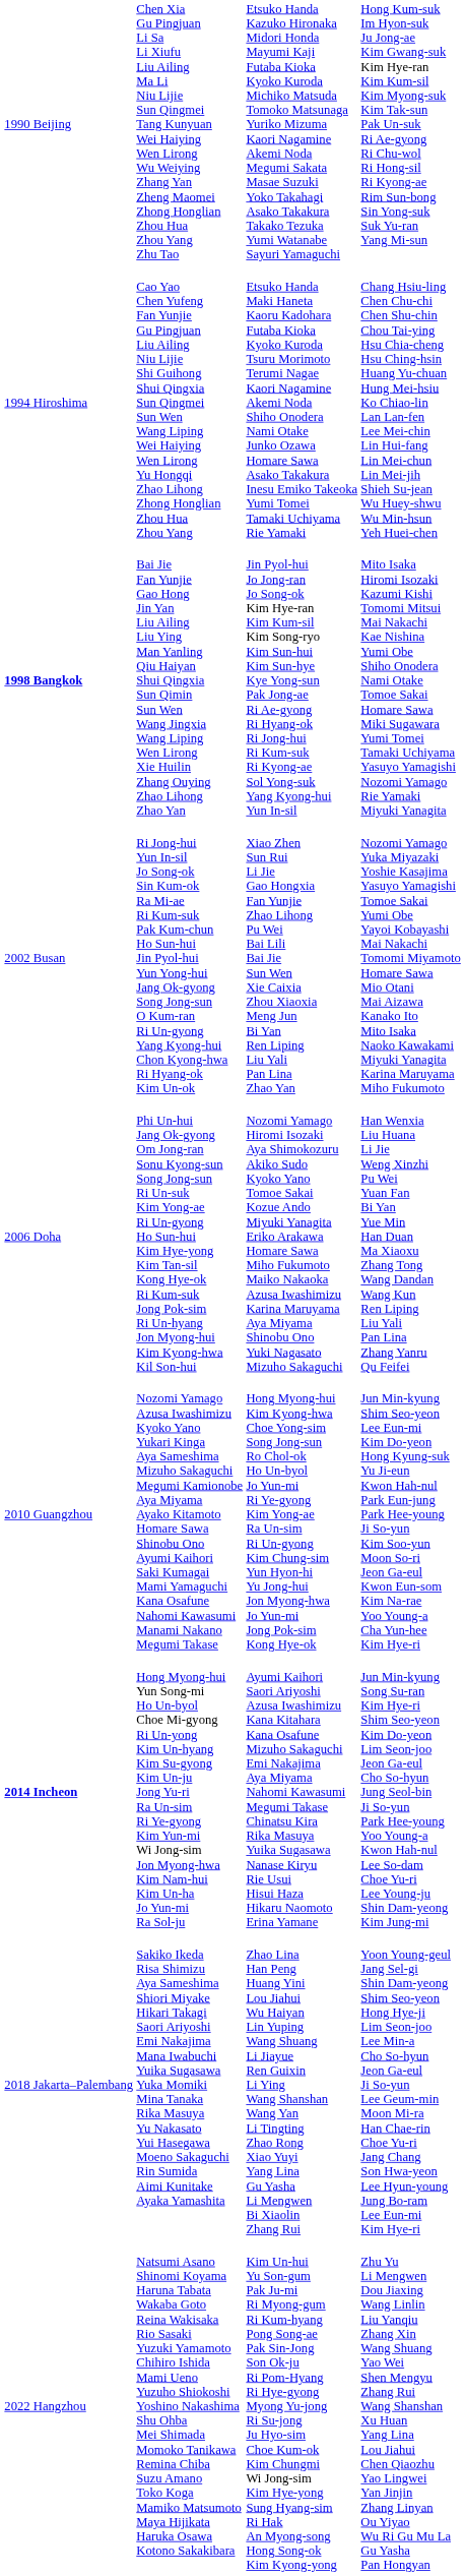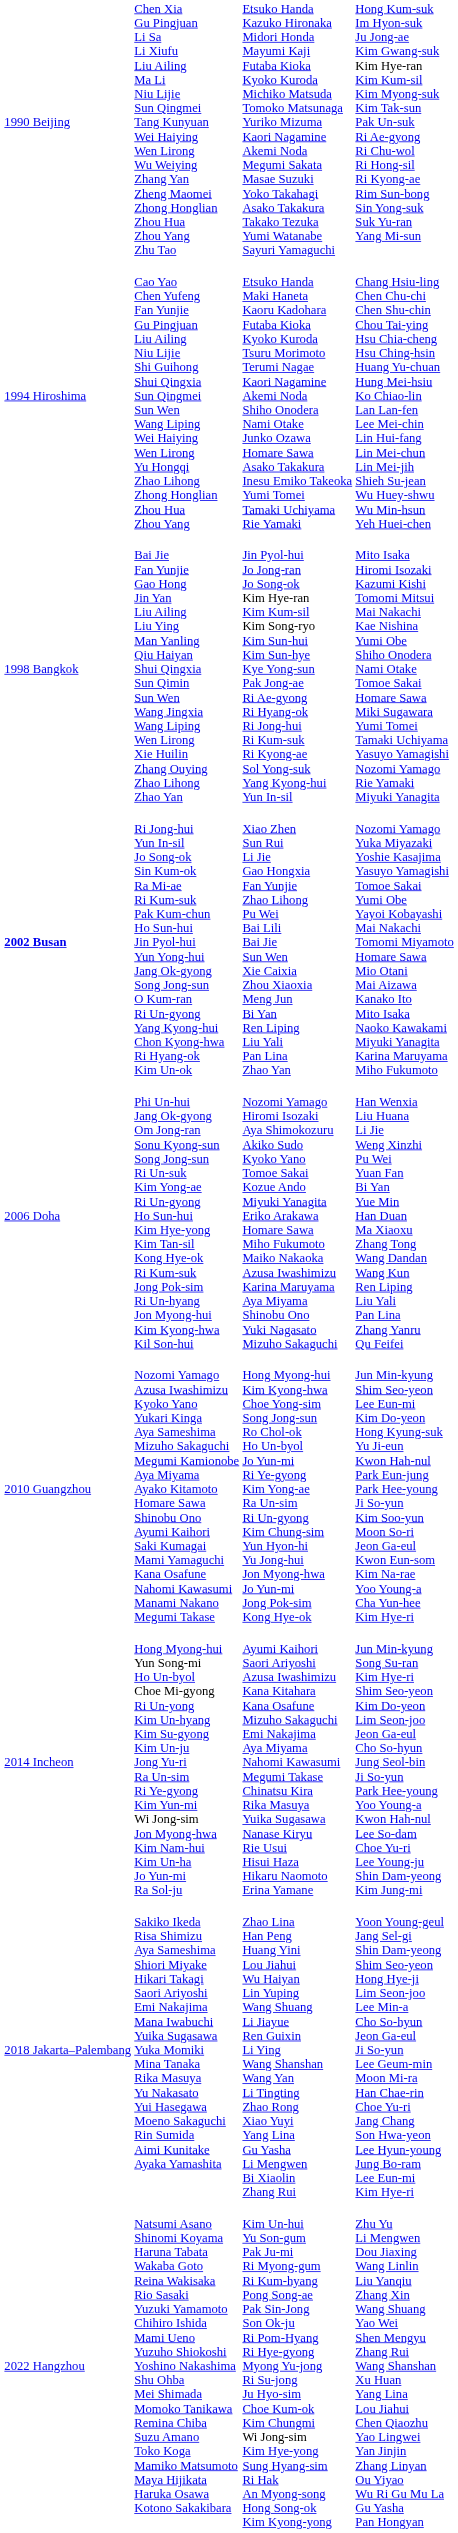 <table>
 <tr>
 <td><a href='#'>1990 Beijing</a></td>
 <td><br><a href='#'>Chen Xia</a><br><a href='#'>Gu Pingjuan</a><br><a href='#'>Li Sa</a><br><a href='#'>Li Xiufu</a><br><a href='#'>Liu Ailing</a><br><a href='#'>Ma Li</a><br><a href='#'>Niu Lijie</a><br><a href='#'>Sun Qingmei</a><br><a href='#'>Tang Kunyuan</a><br><a href='#'>Wei Haiying</a><br><a href='#'>Wen Lirong</a><br><a href='#'>Wu Weiying</a><br><a href='#'>Zhang Yan</a><br><a href='#'>Zheng Maomei</a><br><a href='#'>Zhong Honglian</a><br><a href='#'>Zhou Hua</a><br><a href='#'>Zhou Yang</a><br><a href='#'>Zhu Tao</a></td>
 <td><br><a href='#'>Etsuko Handa</a><br><a href='#'>Kazuko Hironaka</a><br><a href='#'>Midori Honda</a><br><a href='#'>Mayumi Kaji</a><br><a href='#'>Futaba Kioka</a><br><a href='#'>Kyoko Kuroda</a><br><a href='#'>Michiko Matsuda</a><br><a href='#'>Tomoko Matsunaga</a><br><a href='#'>Yuriko Mizuma</a><br><a href='#'>Kaori Nagamine</a><br><a href='#'>Akemi Noda</a><br><a href='#'>Megumi Sakata</a><br><a href='#'>Masae Suzuki</a><br><a href='#'>Yoko Takahagi</a><br><a href='#'>Asako Takakura</a><br><a href='#'>Takako Tezuka</a><br><a href='#'>Yumi Watanabe</a><br><a href='#'>Sayuri Yamaguchi</a></td>
 <td valign=top><br><a href='#'>Hong Kum-suk</a><br><a href='#'>Im Hyon-suk</a><br><a href='#'>Ju Jong-ae</a><br><a href='#'>Kim Gwang-suk</a><br>Kim Hye-ran<br><a href='#'>Kim Kum-sil</a><br><a href='#'>Kim Myong-suk</a><br><a href='#'>Kim Tak-sun</a><br><a href='#'>Pak Un-suk</a><br><a href='#'>Ri Ae-gyong</a><br><a href='#'>Ri Chu-wol</a><br><a href='#'>Ri Hong-sil</a><br><a href='#'>Ri Kyong-ae</a><br><a href='#'>Rim Sun-bong</a><br><a href='#'>Sin Yong-suk</a><br><a href='#'>Suk Yu-ran</a><br><a href='#'>Yang Mi-sun</a></td>
 </tr>
 <tr>
 <td><a href='#'>1994 Hiroshima</a></td>
 <td><br><a href='#'>Cao Yao</a><br><a href='#'>Chen Yufeng</a><br><a href='#'>Fan Yunjie</a><br><a href='#'>Gu Pingjuan</a><br><a href='#'>Liu Ailing</a><br><a href='#'>Niu Lijie</a><br><a href='#'>Shi Guihong</a><br><a href='#'>Shui Qingxia</a><br><a href='#'>Sun Qingmei</a><br><a href='#'>Sun Wen</a><br><a href='#'>Wang Liping</a><br><a href='#'>Wei Haiying</a><br><a href='#'>Wen Lirong</a><br><a href='#'>Yu Hongqi</a><br><a href='#'>Zhao Lihong</a><br><a href='#'>Zhong Honglian</a><br><a href='#'>Zhou Hua</a><br><a href='#'>Zhou Yang</a></td>
 <td><br><a href='#'>Etsuko Handa</a><br><a href='#'>Maki Haneta</a><br><a href='#'>Kaoru Kadohara</a><br><a href='#'>Futaba Kioka</a><br><a href='#'>Kyoko Kuroda</a><br><a href='#'>Tsuru Morimoto</a><br><a href='#'>Terumi Nagae</a><br><a href='#'>Kaori Nagamine</a><br><a href='#'>Akemi Noda</a><br><a href='#'>Shiho Onodera</a><br><a href='#'>Nami Otake</a><br><a href='#'>Junko Ozawa</a><br><a href='#'>Homare Sawa</a><br><a href='#'>Asako Takakura</a><br><a href='#'>Inesu Emiko Takeoka</a><br><a href='#'>Yumi Tomei</a><br><a href='#'>Tamaki Uchiyama</a><br><a href='#'>Rie Yamaki</a></td>
 <td><br><a href='#'>Chang Hsiu-ling</a><br><a href='#'>Chen Chu-chi</a><br><a href='#'>Chen Shu-chin</a><br><a href='#'>Chou Tai-ying</a><br><a href='#'>Hsu Chia-cheng</a><br><a href='#'>Hsu Ching-hsin</a><br><a href='#'>Huang Yu-chuan</a><br><a href='#'>Hung Mei-hsiu</a><br><a href='#'>Ko Chiao-lin</a><br><a href='#'>Lan Lan-fen</a><br><a href='#'>Lee Mei-chin</a><br><a href='#'>Lin Hui-fang</a><br><a href='#'>Lin Mei-chun</a><br><a href='#'>Lin Mei-jih</a><br><a href='#'>Shieh Su-jean</a><br><a href='#'>Wu Huey-shwu</a><br><a href='#'>Wu Min-hsun</a><br><a href='#'>Yeh Huei-chen</a></td>
 </tr>
 <tr>
-<td><strong><a href='#'>1998 Bangkok</a></strong></td>
+<td><a href='#'>1998 Bangkok</a></td>
 <td><br><a href='#'>Bai Jie</a><br><a href='#'>Fan Yunjie</a><br><a href='#'>Gao Hong</a><br><a href='#'>Jin Yan</a><br><a href='#'>Liu Ailing</a><br><a href='#'>Liu Ying</a><br><a href='#'>Man Yanling</a><br><a href='#'>Qiu Haiyan</a><br><a href='#'>Shui Qingxia</a><br><a href='#'>Sun Qimin</a><br><a href='#'>Sun Wen</a><br><a href='#'>Wang Jingxia</a><br><a href='#'>Wang Liping</a><br><a href='#'>Wen Lirong</a><br><a href='#'>Xie Huilin</a><br><a href='#'>Zhang Ouying</a><br><a href='#'>Zhao Lihong</a><br><a href='#'>Zhao Yan</a></td>
 <td><br><a href='#'>Jin Pyol-hui</a><br><a href='#'>Jo Jong-ran</a><br><a href='#'>Jo Song-ok</a><br>Kim Hye-ran<br><a href='#'>Kim Kum-sil</a><br>Kim Song-ryo<br><a href='#'>Kim Sun-hui</a><br><a href='#'>Kim Sun-hye</a><br><a href='#'>Kye Yong-sun</a><br><a href='#'>Pak Jong-ae</a><br><a href='#'>Ri Ae-gyong</a><br><a href='#'>Ri Hyang-ok</a><br><a href='#'>Ri Jong-hui</a><br><a href='#'>Ri Kum-suk</a><br><a href='#'>Ri Kyong-ae</a><br><a href='#'>Sol Yong-suk</a><br><a href='#'>Yang Kyong-hui</a><br><a href='#'>Yun In-sil</a></td>
 <td><br><a href='#'>Mito Isaka</a><br><a href='#'>Hiromi Isozaki</a><br><a href='#'>Kazumi Kishi</a><br><a href='#'>Tomomi Mitsui</a><br><a href='#'>Mai Nakachi</a><br><a href='#'>Kae Nishina</a><br><a href='#'>Yumi Obe</a><br><a href='#'>Shiho Onodera</a><br><a href='#'>Nami Otake</a><br><a href='#'>Tomoe Sakai</a><br><a href='#'>Homare Sawa</a><br><a href='#'>Miki Sugawara</a><br><a href='#'>Yumi Tomei</a><br><a href='#'>Tamaki Uchiyama</a><br><a href='#'>Yasuyo Yamagishi</a><br><a href='#'>Nozomi Yamago</a><br><a href='#'>Rie Yamaki</a><br><a href='#'>Miyuki Yanagita</a></td>
 </tr>
 <tr>
-<td><a href='#'>2002 Busan</a></td>
+<td><strong><a href='#'>2002 Busan</a></strong></td>
 <td><br><a href='#'>Ri Jong-hui</a><br><a href='#'>Yun In-sil</a><br><a href='#'>Jo Song-ok</a><br><a href='#'>Sin Kum-ok</a><br><a href='#'>Ra Mi-ae</a><br><a href='#'>Ri Kum-suk</a><br><a href='#'>Pak Kum-chun</a><br><a href='#'>Ho Sun-hui</a><br><a href='#'>Jin Pyol-hui</a><br><a href='#'>Yun Yong-hui</a><br><a href='#'>Jang Ok-gyong</a><br><a href='#'>Song Jong-sun</a><br><a href='#'>O Kum-ran</a><br><a href='#'>Ri Un-gyong</a><br><a href='#'>Yang Kyong-hui</a><br><a href='#'>Chon Kyong-hwa</a><br><a href='#'>Ri Hyang-ok</a><br><a href='#'>Kim Un-ok</a></td>
 <td><br><a href='#'>Xiao Zhen</a><br><a href='#'>Sun Rui</a><br><a href='#'>Li Jie</a><br><a href='#'>Gao Hongxia</a><br><a href='#'>Fan Yunjie</a><br><a href='#'>Zhao Lihong</a><br><a href='#'>Pu Wei</a><br><a href='#'>Bai Lili</a><br><a href='#'>Bai Jie</a><br><a href='#'>Sun Wen</a><br><a href='#'>Xie Caixia</a><br><a href='#'>Zhou Xiaoxia</a><br><a href='#'>Meng Jun</a><br><a href='#'>Bi Yan</a><br><a href='#'>Ren Liping</a><br><a href='#'>Liu Yali</a><br><a href='#'>Pan Lina</a><br><a href='#'>Zhao Yan</a></td>
 <td><br><a href='#'>Nozomi Yamago</a><br><a href='#'>Yuka Miyazaki</a><br><a href='#'>Yoshie Kasajima</a><br><a href='#'>Yasuyo Yamagishi</a><br><a href='#'>Tomoe Sakai</a><br><a href='#'>Yumi Obe</a><br><a href='#'>Yayoi Kobayashi</a><br><a href='#'>Mai Nakachi</a><br><a href='#'>Tomomi Miyamoto</a><br><a href='#'>Homare Sawa</a><br><a href='#'>Mio Otani</a><br><a href='#'>Mai Aizawa</a><br><a href='#'>Kanako Ito</a><br><a href='#'>Mito Isaka</a><br><a href='#'>Naoko Kawakami</a><br><a href='#'>Miyuki Yanagita</a><br><a href='#'>Karina Maruyama</a><br><a href='#'>Miho Fukumoto</a></td>
 </tr>
 <tr>
 <td><a href='#'>2006 Doha</a></td>
 <td><br><a href='#'>Phi Un-hui</a><br><a href='#'>Jang Ok-gyong</a><br><a href='#'>Om Jong-ran</a><br><a href='#'>Sonu Kyong-sun</a><br><a href='#'>Song Jong-sun</a><br><a href='#'>Ri Un-suk</a><br><a href='#'>Kim Yong-ae</a><br><a href='#'>Ri Un-gyong</a><br><a href='#'>Ho Sun-hui</a><br><a href='#'>Kim Hye-yong</a><br><a href='#'>Kim Tan-sil</a><br><a href='#'>Kong Hye-ok</a><br><a href='#'>Ri Kum-suk</a><br><a href='#'>Jong Pok-sim</a><br><a href='#'>Ri Un-hyang</a><br><a href='#'>Jon Myong-hui</a><br><a href='#'>Kim Kyong-hwa</a><br><a href='#'>Kil Son-hui</a></td>
 <td><br><a href='#'>Nozomi Yamago</a><br><a href='#'>Hiromi Isozaki</a><br><a href='#'>Aya Shimokozuru</a><br><a href='#'>Akiko Sudo</a><br><a href='#'>Kyoko Yano</a><br><a href='#'>Tomoe Sakai</a><br><a href='#'>Kozue Ando</a><br><a href='#'>Miyuki Yanagita</a><br><a href='#'>Eriko Arakawa</a><br><a href='#'>Homare Sawa</a><br><a href='#'>Miho Fukumoto</a><br><a href='#'>Maiko Nakaoka</a><br><a href='#'>Azusa Iwashimizu</a><br><a href='#'>Karina Maruyama</a><br><a href='#'>Aya Miyama</a><br><a href='#'>Shinobu Ono</a><br><a href='#'>Yuki Nagasato</a><br><a href='#'>Mizuho Sakaguchi</a></td>
 <td><br><a href='#'>Han Wenxia</a><br><a href='#'>Liu Huana</a><br><a href='#'>Li Jie</a><br><a href='#'>Weng Xinzhi</a><br><a href='#'>Pu Wei</a><br><a href='#'>Yuan Fan</a><br><a href='#'>Bi Yan</a><br><a href='#'>Yue Min</a><br><a href='#'>Han Duan</a><br><a href='#'>Ma Xiaoxu</a><br><a href='#'>Zhang Tong</a><br><a href='#'>Wang Dandan</a><br><a href='#'>Wang Kun</a><br><a href='#'>Ren Liping</a><br><a href='#'>Liu Yali</a><br><a href='#'>Pan Lina</a><br><a href='#'>Zhang Yanru</a><br><a href='#'>Qu Feifei</a></td>
 </tr>
 <tr>
 <td><a href='#'>2010 Guangzhou</a></td>
 <td><br><a href='#'>Nozomi Yamago</a><br><a href='#'>Azusa Iwashimizu</a><br><a href='#'>Kyoko Yano</a><br><a href='#'>Yukari Kinga</a><br><a href='#'>Aya Sameshima</a><br><a href='#'>Mizuho Sakaguchi</a><br><a href='#'>Megumi Kamionobe</a><br><a href='#'>Aya Miyama</a><br><a href='#'>Ayako Kitamoto</a><br><a href='#'>Homare Sawa</a><br><a href='#'>Shinobu Ono</a><br><a href='#'>Ayumi Kaihori</a><br><a href='#'>Saki Kumagai</a><br><a href='#'>Mami Yamaguchi</a><br><a href='#'>Kana Osafune</a><br><a href='#'>Nahomi Kawasumi</a><br><a href='#'>Manami Nakano</a><br><a href='#'>Megumi Takase</a></td>
 <td><br><a href='#'>Hong Myong-hui</a><br><a href='#'>Kim Kyong-hwa</a><br><a href='#'>Choe Yong-sim</a><br><a href='#'>Song Jong-sun</a><br><a href='#'>Ro Chol-ok</a><br><a href='#'>Ho Un-byol</a><br><a href='#'>Jo Yun-mi</a><br><a href='#'>Ri Ye-gyong</a><br><a href='#'>Kim Yong-ae</a><br><a href='#'>Ra Un-sim</a><br><a href='#'>Ri Un-gyong</a><br><a href='#'>Kim Chung-sim</a><br><a href='#'>Yun Hyon-hi</a><br><a href='#'>Yu Jong-hui</a><br><a href='#'>Jon Myong-hwa</a><br><a href='#'>Jo Yun-mi</a><br><a href='#'>Jong Pok-sim</a><br><a href='#'>Kong Hye-ok</a></td>
 <td><br><a href='#'>Jun Min-kyung</a><br><a href='#'>Shim Seo-yeon</a><br><a href='#'>Lee Eun-mi</a><br><a href='#'>Kim Do-yeon</a><br><a href='#'>Hong Kyung-suk</a><br><a href='#'>Yu Ji-eun</a><br><a href='#'>Kwon Hah-nul</a><br><a href='#'>Park Eun-jung</a><br><a href='#'>Park Hee-young</a><br><a href='#'>Ji So-yun</a><br><a href='#'>Kim Soo-yun</a><br><a href='#'>Moon So-ri</a><br><a href='#'>Jeon Ga-eul</a><br><a href='#'>Kwon Eun-som</a><br><a href='#'>Kim Na-rae</a><br><a href='#'>Yoo Young-a</a><br><a href='#'>Cha Yun-hee</a><br><a href='#'>Kim Hye-ri</a></td>
 </tr>
 <tr>
-<td><strong><a href='#'>2014 Incheon</a></strong></td>
+<td><a href='#'>2014 Incheon</a></td>
 <td><br><a href='#'>Hong Myong-hui</a><br>Yun Song-mi<br><a href='#'>Ho Un-byol</a><br>Choe Mi-gyong<br><a href='#'>Ri Un-yong</a><br><a href='#'>Kim Un-hyang</a><br><a href='#'>Kim Su-gyong</a><br><a href='#'>Kim Un-ju</a><br><a href='#'>Jong Yu-ri</a><br><a href='#'>Ra Un-sim</a><br><a href='#'>Ri Ye-gyong</a><br><a href='#'>Kim Yun-mi</a><br>Wi Jong-sim<br><a href='#'>Jon Myong-hwa</a><br><a href='#'>Kim Nam-hui</a><br><a href='#'>Kim Un-ha</a><br><a href='#'>Jo Yun-mi</a><br><a href='#'>Ra Sol-ju</a></td>
 <td><br><a href='#'>Ayumi Kaihori</a><br><a href='#'>Saori Ariyoshi</a><br><a href='#'>Azusa Iwashimizu</a><br><a href='#'>Kana Kitahara</a><br><a href='#'>Kana Osafune</a><br><a href='#'>Mizuho Sakaguchi</a><br><a href='#'>Emi Nakajima</a><br><a href='#'>Aya Miyama</a><br><a href='#'>Nahomi Kawasumi</a><br><a href='#'>Megumi Takase</a><br><a href='#'>Chinatsu Kira</a><br><a href='#'>Rika Masuya</a><br><a href='#'>Yuika Sugasawa</a><br><a href='#'>Nanase Kiryu</a><br><a href='#'>Rie Usui</a><br><a href='#'>Hisui Haza</a><br><a href='#'>Hikaru Naomoto</a><br><a href='#'>Erina Yamane</a></td>
 <td><br><a href='#'>Jun Min-kyung</a><br><a href='#'>Song Su-ran</a><br><a href='#'>Kim Hye-ri</a><br><a href='#'>Shim Seo-yeon</a><br><a href='#'>Kim Do-yeon</a><br><a href='#'>Lim Seon-joo</a><br><a href='#'>Jeon Ga-eul</a><br><a href='#'>Cho So-hyun</a><br><a href='#'>Jung Seol-bin</a><br><a href='#'>Ji So-yun</a><br><a href='#'>Park Hee-young</a><br><a href='#'>Yoo Young-a</a><br><a href='#'>Kwon Hah-nul</a><br><a href='#'>Lee So-dam</a><br><a href='#'>Choe Yu-ri</a><br><a href='#'>Lee Young-ju</a><br><a href='#'>Shin Dam-yeong</a><br><a href='#'>Kim Jung-mi</a></td>
 </tr>
 <tr>
 <td><a href='#'>2018 Jakarta–Palembang</a></td>
 <td valign=top><br><a href='#'>Sakiko Ikeda</a><br><a href='#'>Risa Shimizu</a><br><a href='#'>Aya Sameshima</a><br><a href='#'>Shiori Miyake</a><br><a href='#'>Hikari Takagi</a><br><a href='#'>Saori Ariyoshi</a><br><a href='#'>Emi Nakajima</a><br><a href='#'>Mana Iwabuchi</a><br><a href='#'>Yuika Sugasawa</a><br><a href='#'>Yuka Momiki</a><br><a href='#'>Mina Tanaka</a><br><a href='#'>Rika Masuya</a><br><a href='#'>Yu Nakasato</a><br><a href='#'>Yui Hasegawa</a><br><a href='#'>Moeno Sakaguchi</a><br><a href='#'>Rin Sumida</a><br><a href='#'>Aimi Kunitake</a><br><a href='#'>Ayaka Yamashita</a></td>
 <td><br><a href='#'>Zhao Lina</a><br><a href='#'>Han Peng</a><br><a href='#'>Huang Yini</a><br><a href='#'>Lou Jiahui</a><br><a href='#'>Wu Haiyan</a><br><a href='#'>Lin Yuping</a><br><a href='#'>Wang Shuang</a><br><a href='#'>Li Jiayue</a><br><a href='#'>Ren Guixin</a><br><a href='#'>Li Ying</a><br><a href='#'>Wang Shanshan</a><br><a href='#'>Wang Yan</a><br><a href='#'>Li Tingting</a><br><a href='#'>Zhao Rong</a><br><a href='#'>Xiao Yuyi</a><br><a href='#'>Yang Lina</a><br><a href='#'>Gu Yasha</a><br><a href='#'>Li Mengwen</a><br><a href='#'>Bi Xiaolin</a><br><a href='#'>Zhang Rui</a></td>
 <td><br><a href='#'>Yoon Young-geul</a><br><a href='#'>Jang Sel-gi</a><br><a href='#'>Shin Dam-yeong</a><br><a href='#'>Shim Seo-yeon</a><br><a href='#'>Hong Hye-ji</a><br><a href='#'>Lim Seon-joo</a><br><a href='#'>Lee Min-a</a><br><a href='#'>Cho So-hyun</a><br><a href='#'>Jeon Ga-eul</a><br><a href='#'>Ji So-yun</a><br><a href='#'>Lee Geum-min</a><br><a href='#'>Moon Mi-ra</a><br><a href='#'>Han Chae-rin</a><br><a href='#'>Choe Yu-ri</a><br><a href='#'>Jang Chang</a><br><a href='#'>Son Hwa-yeon</a><br><a href='#'>Lee Hyun-young</a><br><a href='#'>Jung Bo-ram</a><br><a href='#'>Lee Eun-mi</a><br><a href='#'>Kim Hye-ri</a></td>
 </tr>
 <tr>
 <td><a href='#'>2022 Hangzhou</a></td>
 <td valign=top><br><a href='#'>Natsumi Asano</a><br><a href='#'>Shinomi Koyama</a><br><a href='#'>Haruna Tabata</a><br><a href='#'>Wakaba Goto</a><br><a href='#'>Reina Wakisaka</a><br><a href='#'>Rio Sasaki</a><br><a href='#'>Yuzuki Yamamoto</a><br><a href='#'>Chihiro Ishida</a><br><a href='#'>Mami Ueno</a><br><a href='#'>Yuzuho Shiokoshi</a><br><a href='#'>Yoshino Nakashima</a><br><a href='#'>Shu Ohba</a><br><a href='#'>Mei Shimada</a><br><a href='#'>Momoko Tanikawa</a><br><a href='#'>Remina Chiba</a><br><a href='#'>Suzu Amano</a><br><a href='#'>Toko Koga</a><br><a href='#'>Mamiko Matsumoto</a><br><a href='#'>Maya Hijikata</a><br><a href='#'>Haruka Osawa</a><br><a href='#'>Kotono Sakakibara</a></td>
 <td><br><a href='#'>Kim Un-hui</a><br><a href='#'>Yu Son-gum</a><br><a href='#'>Pak Ju-mi</a><br><a href='#'>Ri Myong-gum</a><br><a href='#'>Ri Kum-hyang</a><br><a href='#'>Pong Song-ae</a><br><a href='#'>Pak Sin-Jong</a><br><a href='#'>Son Ok-ju</a><br><a href='#'>Ri Pom-Hyang</a><br><a href='#'>Ri Hye-gyong</a><br><a href='#'>Myong Yu-jong</a><br><a href='#'>Ri Su-jong</a><br><a href='#'>Ju Hyo-sim</a><br><a href='#'>Choe Kum-ok</a><br><a href='#'>Kim Chungmi</a><br>Wi Jong-sim<br><a href='#'>Kim Hye-yong</a><br><a href='#'>Sung Hyang-sim</a><br><a href='#'>Ri Hak</a><br><a href='#'>An Myong-song</a><br><a href='#'>Hong Song-ok</a><br><a href='#'>Kim Kyong-yong</a></td>
 <td><br><a href='#'>Zhu Yu</a><br><a href='#'>Li Mengwen</a><br><a href='#'>Dou Jiaxing</a><br><a href='#'>Wang Linlin</a><br><a href='#'>Liu Yanqiu</a><br><a href='#'>Zhang Xin</a><br><a href='#'>Wang Shuang</a><br><a href='#'>Yao Wei</a><br><a href='#'>Shen Mengyu</a><br><a href='#'>Zhang Rui</a><br><a href='#'>Wang Shanshan</a><br><a href='#'>Xu Huan</a><br><a href='#'>Yang Lina</a><br><a href='#'>Lou Jiahui</a><br><a href='#'>Chen Qiaozhu</a><br><a href='#'>Yao Lingwei</a><br><a href='#'>Yan Jinjin</a><br><a href='#'>Zhang Linyan</a><br><a href='#'>Ou Yiyao</a><br><a href='#'>Wu Ri Gu Mu La</a><br><a href='#'>Gu Yasha</a><br><a href='#'>Pan Hongyan</a></td>
 </tr>
 </table>
